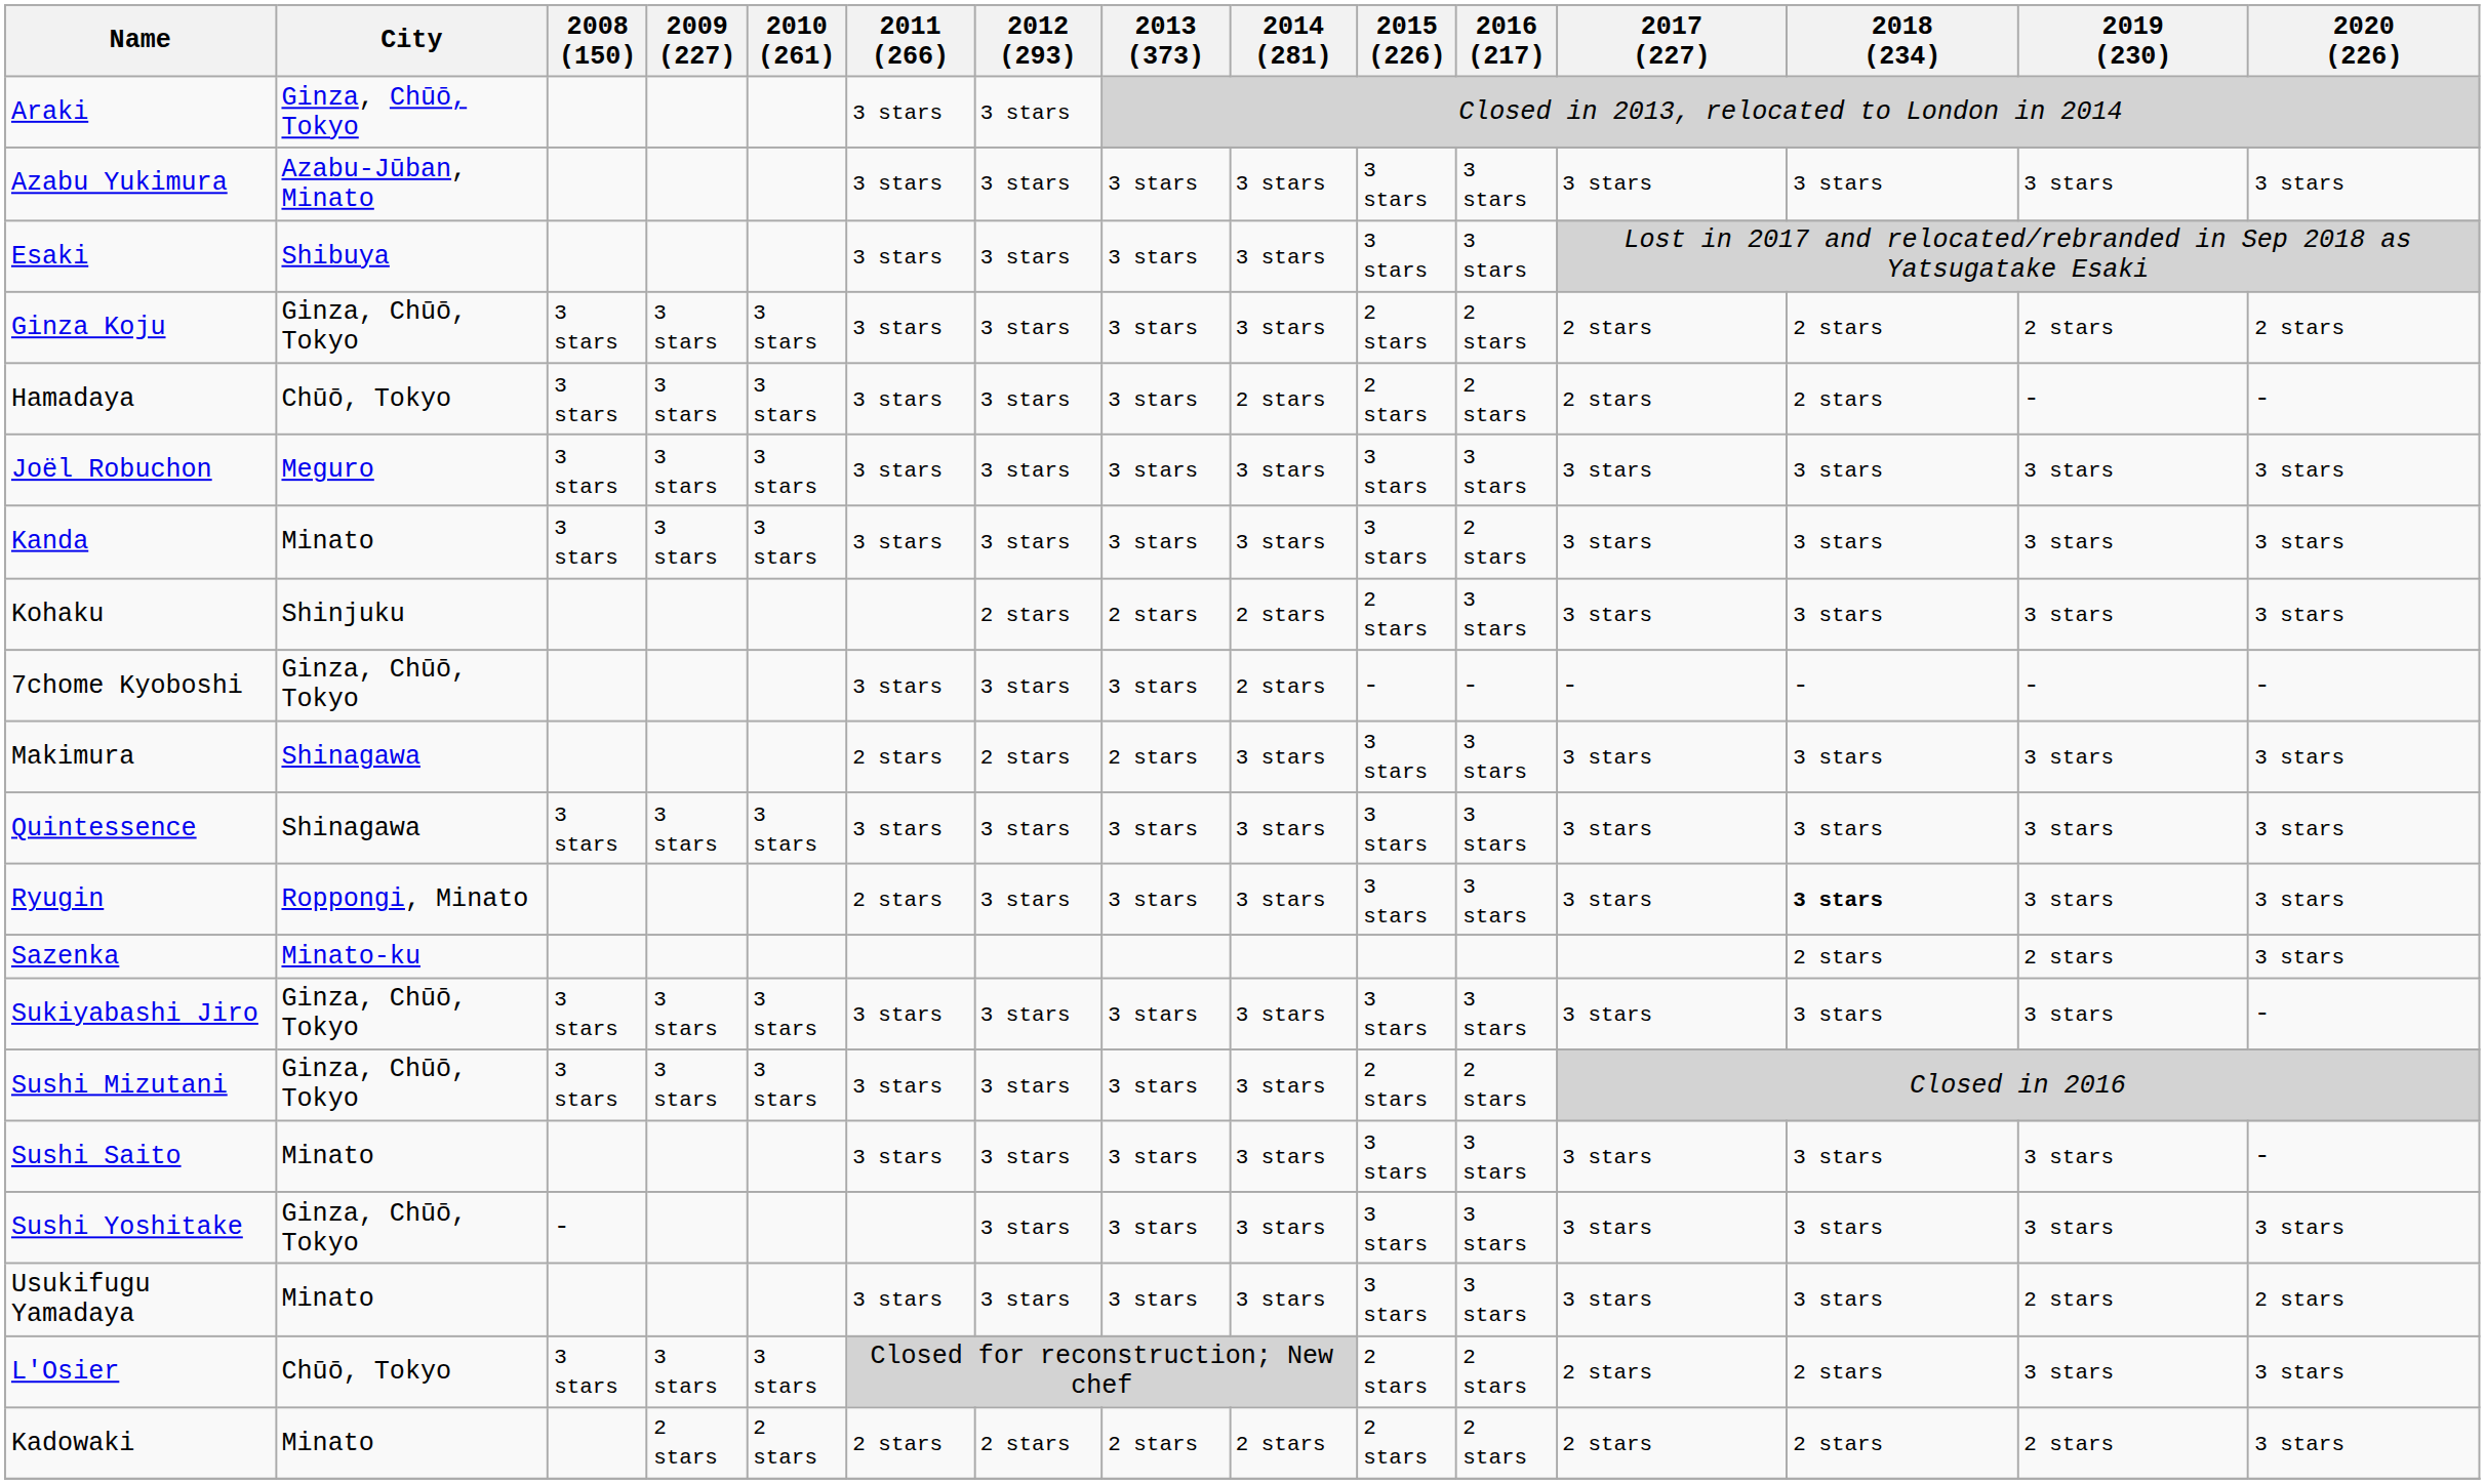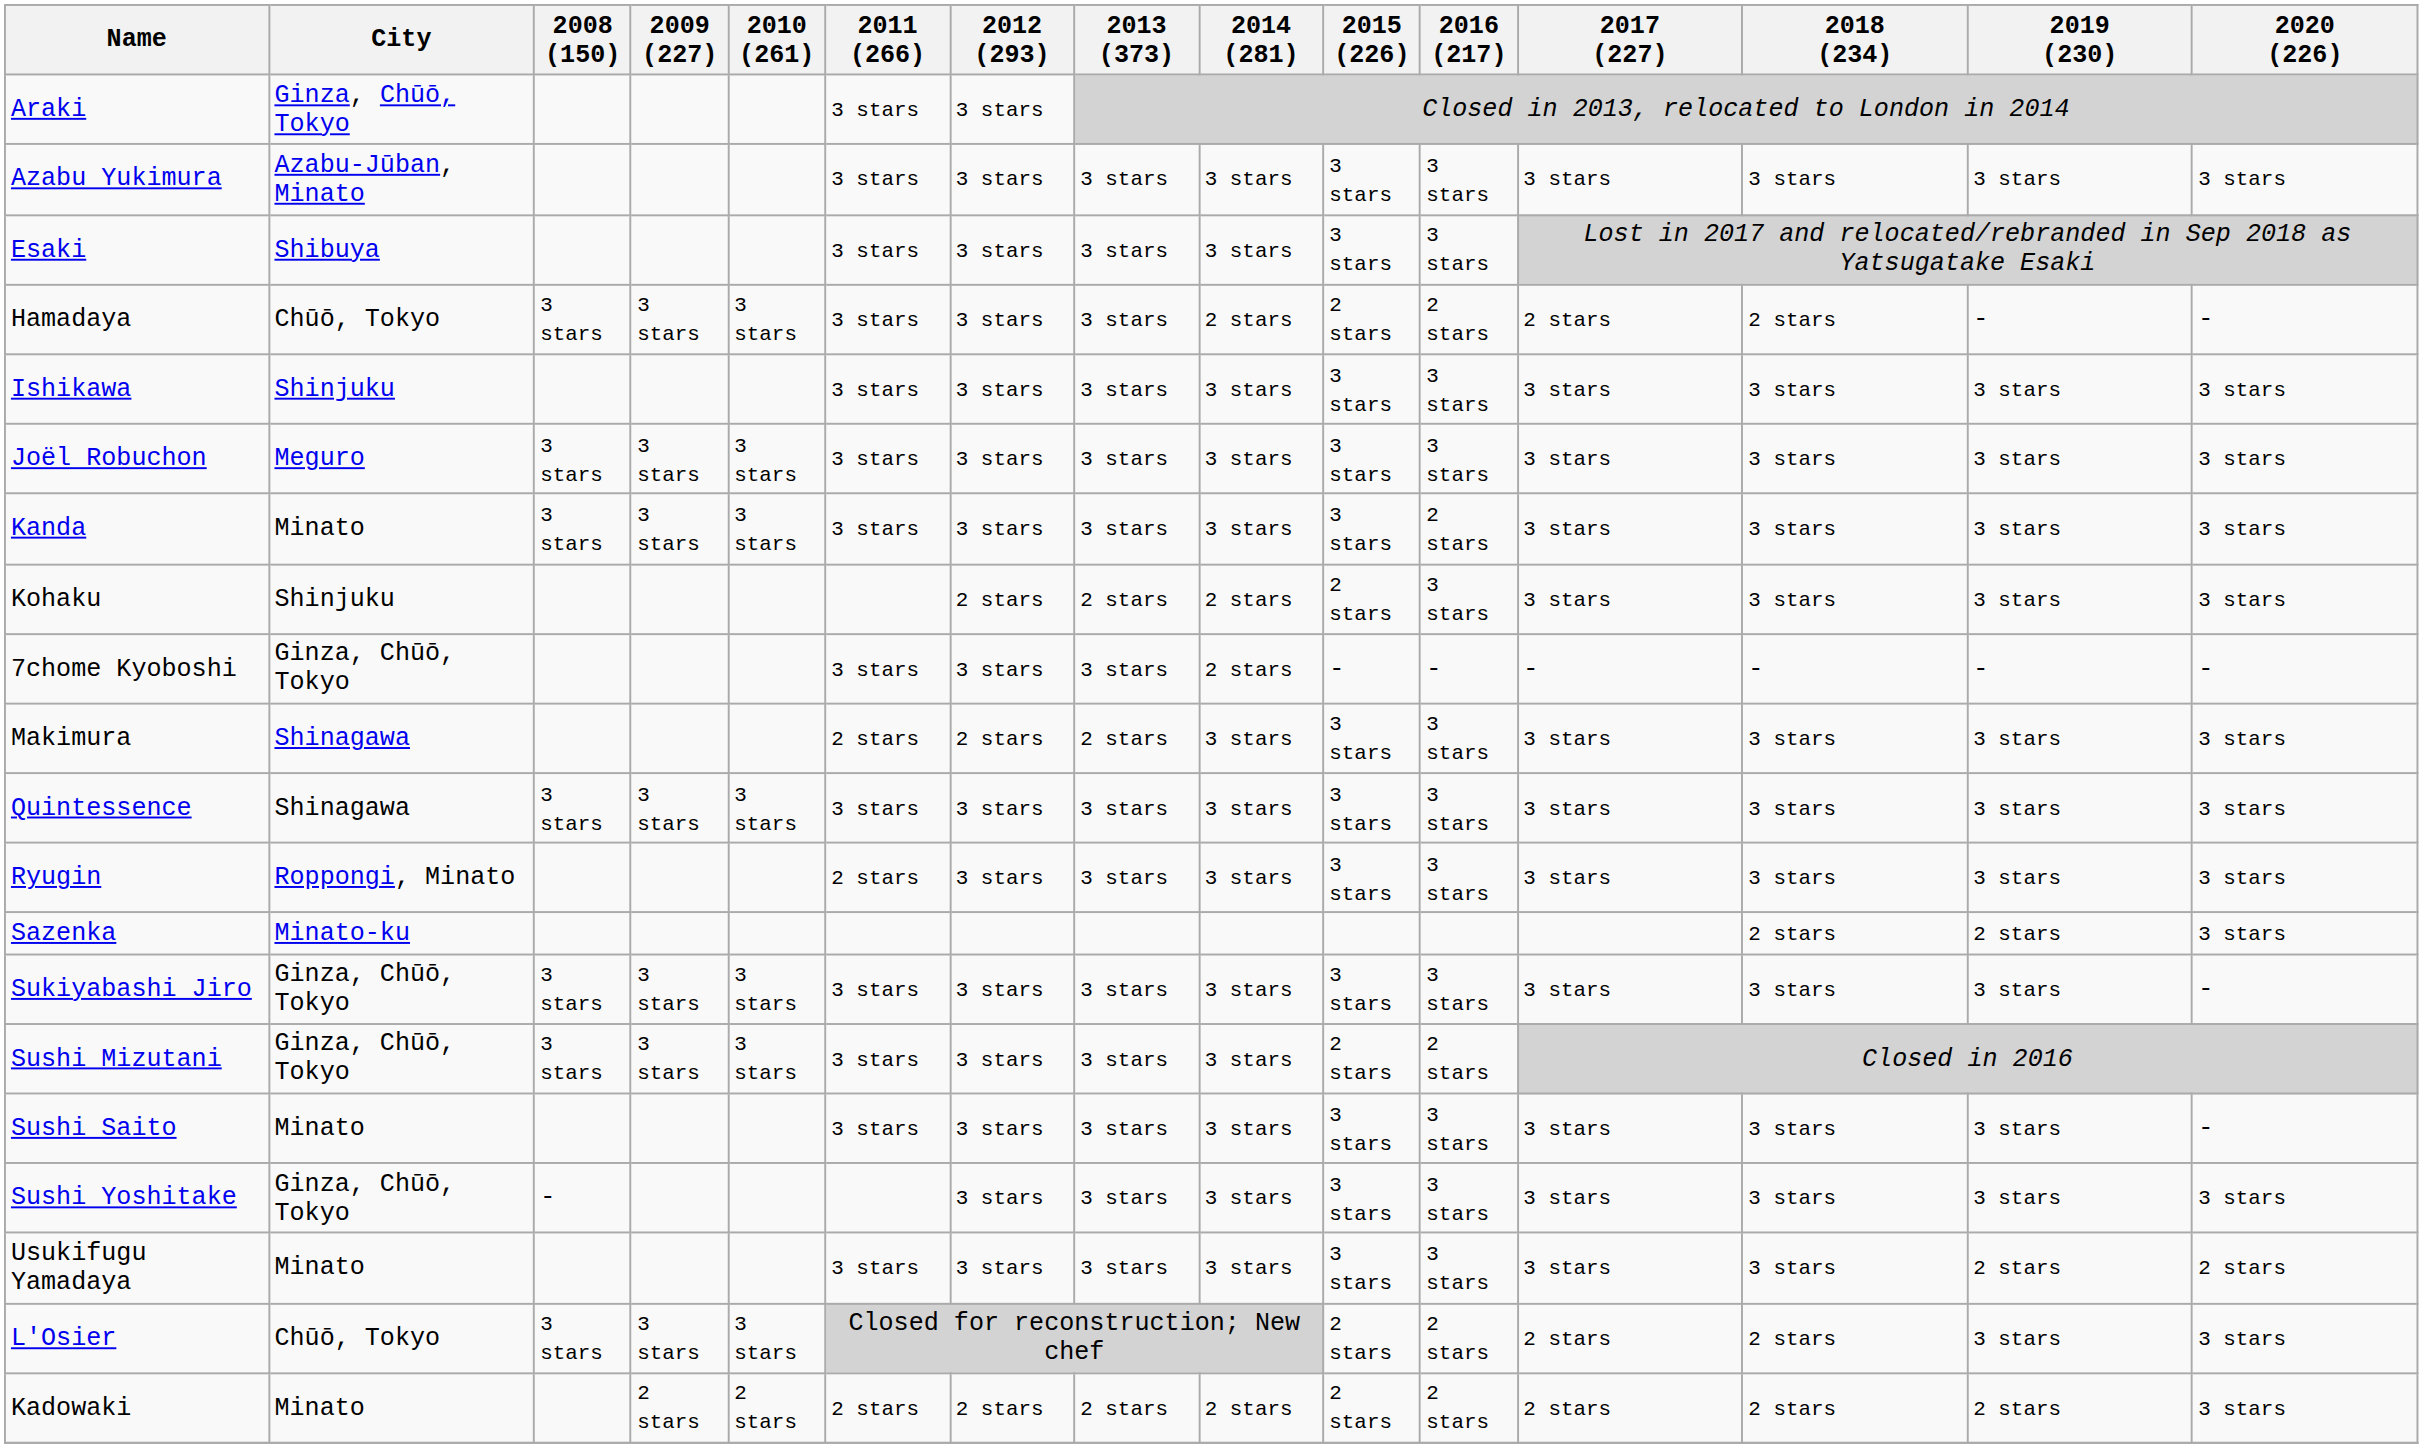 <table class="wikitable sortable" "wikitable mw-collapsible">
 <tr>
 <th>Name</th>
 <th>City</th>
 <th>2008<br>(150)</th>
 <th>2009<br>(227)</th>
 <th>2010<br>(261)</th>
 <th>2011<br>(266)</th>
 <th>2012<br>(293)</th>
 <th>2013<br>(373)</th>
 <th>2014<br>(281)</th>
 <th>2015<br>(226)</th>
 <th>2016<br>(217)</th>
 <th>2017<br>(227)</th>
 <th>2018<br>(234)</th>
 <th>2019<br>(230)</th>
 <th>2020<br>(226)</th>
 </tr>
 <tr>
 <td><a href='#'>Araki</a></td>
 <td><a href='#'>Ginza</a>, <a href='#'>Chūō, Tokyo</a></td>
 <td></td>
 <td></td>
 <td></td>
 <td><small>3 stars</small></td>
 <td><small>3 stars</small></td>
 <td colspan="8" style="text-align: center; background: lightgray;"><em>Closed in 2013, relocated to London in 2014</em></td>
 </tr>
 <tr>
 <td><a href='#'>Azabu Yukimura</a></td>
 <td><a href='#'>Azabu-Jūban</a>, <a href='#'>Minato</a></td>
 <td></td>
 <td></td>
 <td></td>
 <td><small>3 stars</small></td>
 <td><small>3 stars</small></td>
 <td><small>3 stars</small></td>
 <td><small>3 stars</small></td>
 <td><small>3 stars</small></td>
 <td><small>3 stars</small></td>
 <td><small>3 stars</small></td>
 <td><small>3 stars</small></td>
 <td><small>3 stars</small></td>
 <td><small>3 stars</small></td>
 </tr>
 <tr>
 <td><a href='#'>Esaki</a></td>
 <td><a href='#'>Shibuya</a></td>
 <td></td>
 <td></td>
 <td></td>
 <td><small>3 stars</small></td>
 <td><small>3 stars</small></td>
 <td><small>3 stars</small></td>
 <td><small>3 stars</small></td>
 <td><small>3 stars</small></td>
 <td><small>3 stars</small></td>
 <td colspan="4" style="text-align: center; background: lightgray;"><em>Lost in 2017 and relocated/rebranded in Sep 2018 as Yatsugatake Esaki</em></td>
 </tr>
 <tr>
-<td><a href='#'>Ginza Koju</a></td>
-<td>Ginza, Chūō, Tokyo</td>
-<td><small>3 stars</small></td>
-<td><small>3 stars</small></td>
-<td><small>3 stars</small></td>
-<td><small>3 stars</small></td>
-<td><small>3 stars</small></td>
-<td><small>3 stars</small></td>
-<td><small>3 stars</small></td>
-<td><small>2 stars</small></td>
-<td><small>2 stars</small></td>
-<td><small>2 stars</small></td>
-<td><small>2 stars</small></td>
-<td><small>2 stars</small></td>
-<td><small>2 stars</small></td>
-</tr>
-<tr>
 <td>Hamadaya</td>
 <td>Chūō, Tokyo</td>
 <td><small>3 stars</small></td>
 <td><small>3 stars</small></td>
 <td><small>3 stars</small></td>
 <td><small>3 stars</small></td>
 <td><small>3 stars</small></td>
 <td><small>3 stars</small></td>
 <td><small>2 stars</small></td>
 <td><small>2 stars</small></td>
 <td><small>2 stars</small></td>
 <td><small>2 stars</small></td>
 <td><small>2 stars</small></td>
 <td>-</td>
 <td>-</td>
+</tr>
+<tr>
+<td><a href='#'>Ishikawa</a></td>
+<td><a href='#'>Shinjuku</a></td>
+<td></td>
+<td></td>
+<td></td>
+<td><small>3 stars</small></td>
+<td><small>3 stars</small></td>
+<td><small>3 stars</small></td>
+<td><small>3 stars</small></td>
+<td><small>3 stars</small></td>
+<td><small>3 stars</small></td>
+<td><small>3 stars</small></td>
+<td><small>3 stars</small></td>
+<td><small>3 stars</small></td>
+<td><small>3 stars</small></td>
 </tr>
 <tr>
 <td><a href='#'>Joël Robuchon</a></td>
 <td><a href='#'>Meguro</a></td>
 <td><small>3 stars</small></td>
 <td><small>3 stars</small></td>
 <td><small>3 stars</small></td>
 <td><small>3 stars</small></td>
 <td><small>3 stars</small></td>
 <td><small>3 stars</small></td>
 <td><small>3 stars</small></td>
 <td><small>3 stars</small></td>
 <td><small>3 stars</small></td>
 <td><small>3 stars</small></td>
 <td><small>3 stars</small></td>
 <td><small>3 stars</small></td>
 <td><small>3 stars</small></td>
 </tr>
 <tr>
 <td><a href='#'>Kanda</a></td>
 <td>Minato</td>
 <td><small>3 stars</small></td>
 <td><small>3 stars</small></td>
 <td><small>3 stars</small></td>
 <td><small>3 stars</small></td>
 <td><small>3 stars</small></td>
 <td><small>3 stars</small></td>
 <td><small>3 stars</small></td>
 <td><small>3 stars</small></td>
 <td><small>2 stars</small></td>
 <td><small>3 stars</small></td>
 <td><small>3 stars</small></td>
 <td><small>3 stars</small></td>
 <td><small>3 stars</small></td>
 </tr>
 <tr>
 <td>Kohaku</td>
 <td>Shinjuku</td>
 <td></td>
 <td></td>
 <td></td>
 <td></td>
 <td><small>2 stars</small></td>
 <td><small>2 stars</small></td>
 <td><small>2 stars</small></td>
 <td><small>2 stars</small></td>
 <td><small>3 stars</small></td>
 <td><small>3 stars</small></td>
 <td><small>3 stars</small></td>
 <td><small>3 stars</small></td>
 <td><small>3 stars</small></td>
 </tr>
 <tr>
 <td>7chome Kyoboshi</td>
 <td>Ginza, Chūō, Tokyo</td>
 <td></td>
 <td></td>
 <td></td>
 <td><small>3 stars</small></td>
 <td><small>3 stars</small></td>
 <td><small>3 stars</small></td>
 <td><small>2 stars</small></td>
 <td>-</td>
 <td>-</td>
 <td>-</td>
 <td>-</td>
 <td>-</td>
 <td>-</td>
 </tr>
 <tr>
 <td>Makimura</td>
 <td><a href='#'>Shinagawa</a></td>
 <td></td>
 <td></td>
 <td></td>
 <td><small>2 stars</small></td>
 <td><small>2 stars</small></td>
 <td><small>2 stars</small></td>
 <td><small>3 stars</small></td>
 <td><small>3 stars</small></td>
 <td><small>3 stars</small></td>
 <td><small>3 stars</small></td>
 <td><small>3 stars</small></td>
 <td><small>3 stars</small></td>
 <td><small>3 stars</small></td>
 </tr>
 <tr>
 <td><a href='#'>Quintessence</a></td>
 <td>Shinagawa</td>
 <td><small>3 stars</small></td>
 <td><small>3 stars</small></td>
 <td><small>3 stars</small></td>
 <td><small>3 stars</small></td>
 <td><small>3 stars</small></td>
 <td><small>3 stars</small></td>
 <td><small>3 stars</small></td>
 <td><small>3 stars</small></td>
 <td><small>3 stars</small></td>
 <td><small>3 stars</small></td>
 <td><small>3 stars</small></td>
 <td><small>3 stars</small></td>
 <td><small>3 stars</small></td>
 </tr>
 <tr>
 <td><a href='#'>Ryugin</a></td>
 <td><a href='#'>Roppongi</a>, Minato</td>
 <td></td>
 <td></td>
 <td></td>
 <td><small>2 stars</small></td>
 <td><small>3 stars</small></td>
 <td><small>3 stars</small></td>
 <td><small>3 stars</small></td>
 <td><small>3 stars</small></td>
 <td><small>3 stars</small></td>
 <td><small>3 stars</small></td>
-<td><strong><small>3 stars</small></strong></td>
+<td><small>3 stars</small></td>
 <td><small>3 stars</small></td>
 <td><small>3 stars</small></td>
 </tr>
 <tr>
 <td><a href='#'>Sazenka</a></td>
 <td><a href='#'>Minato-ku</a></td>
 <td></td>
 <td></td>
 <td></td>
 <td></td>
 <td></td>
 <td></td>
 <td></td>
 <td></td>
 <td></td>
 <td></td>
 <td><small>2 stars</small></td>
 <td><small>2 stars</small></td>
 <td><small>3 stars</small></td>
 </tr>
 <tr>
 <td><a href='#'>Sukiyabashi Jiro</a></td>
 <td>Ginza, Chūō, Tokyo</td>
 <td><small>3 stars</small></td>
 <td><small>3 stars</small></td>
 <td><small>3 stars</small></td>
 <td><small>3 stars</small></td>
 <td><small>3 stars</small></td>
 <td><small>3 stars</small></td>
 <td><small>3 stars</small></td>
 <td><small>3 stars</small></td>
 <td><small>3 stars</small></td>
 <td><small>3 stars</small></td>
 <td><small>3 stars</small></td>
 <td><small>3 stars</small></td>
 <td>-</td>
 </tr>
 <tr>
 <td><a href='#'>Sushi Mizutani</a></td>
 <td>Ginza, Chūō, Tokyo</td>
 <td><small>3 stars</small></td>
 <td><small>3 stars</small></td>
 <td><small>3 stars</small></td>
 <td><small>3 stars</small></td>
 <td><small>3 stars</small></td>
 <td><small>3 stars</small></td>
 <td><small>3 stars</small></td>
 <td><small>2 stars</small></td>
 <td><small>2 stars</small></td>
 <td colspan="4" style="text-align: center; background: lightgray;"><em>Closed in 2016</em></td>
 </tr>
 <tr>
 <td><a href='#'>Sushi Saito</a></td>
 <td>Minato</td>
 <td></td>
 <td></td>
 <td></td>
 <td><small>3 stars</small></td>
 <td><small>3 stars</small></td>
 <td><small>3 stars</small></td>
 <td><small>3 stars</small></td>
 <td><small>3 stars</small></td>
 <td><small>3 stars</small></td>
 <td><small>3 stars</small></td>
 <td><small>3 stars</small></td>
 <td><small>3 stars</small></td>
 <td>-</td>
 </tr>
 <tr>
 <td><a href='#'>Sushi Yoshitake</a></td>
 <td>Ginza, Chūō, Tokyo</td>
 <td>-</td>
 <td></td>
 <td></td>
 <td></td>
 <td><small>3 stars</small></td>
 <td><small>3 stars</small></td>
 <td><small>3 stars</small></td>
 <td><small>3 stars</small></td>
 <td><small>3 stars</small></td>
 <td><small>3 stars</small></td>
 <td><small>3 stars</small></td>
 <td><small>3 stars</small></td>
 <td><small>3 stars</small></td>
 </tr>
 <tr>
 <td>Usukifugu Yamadaya</td>
 <td>Minato</td>
 <td></td>
 <td></td>
 <td></td>
 <td><small>3 stars</small></td>
 <td><small>3 stars</small></td>
 <td><small>3 stars</small></td>
 <td><small>3 stars</small></td>
 <td><small>3 stars</small></td>
 <td><small>3 stars</small></td>
 <td><small>3 stars</small></td>
 <td><small>3 stars</small></td>
 <td><small>2 stars</small></td>
 <td><small>2 stars</small></td>
 </tr>
 <tr>
 <td><a href='#'>L'Osier</a></td>
 <td>Chūō, Tokyo</td>
 <td><small>3 stars</small></td>
 <td><small>3 stars</small></td>
 <td><small>3 stars</small></td>
 <td colspan="4" style="text-align: center; background: lightgray;">Closed for reconstruction; New chef</td>
 <td><small>2 stars</small></td>
 <td><small>2 stars</small></td>
 <td><small>2 stars</small></td>
 <td><small>2 stars</small></td>
 <td><small>3 stars</small></td>
 <td><small>3 stars</small></td>
 </tr>
 <tr>
 <td>Kadowaki</td>
 <td>Minato</td>
 <td></td>
 <td><small>2 stars</small></td>
 <td><small>2 stars</small></td>
 <td><small>2 stars</small></td>
 <td><small>2 stars</small></td>
 <td><small>2 stars</small></td>
 <td><small>2 stars</small></td>
 <td><small>2 stars</small></td>
 <td><small>2 stars</small></td>
 <td><small>2 stars</small></td>
 <td><small>2 stars</small></td>
 <td><small>2 stars</small></td>
 <td><small>3 stars</small></td>
 </tr>
 <tr>
 </tr>
 </table>
